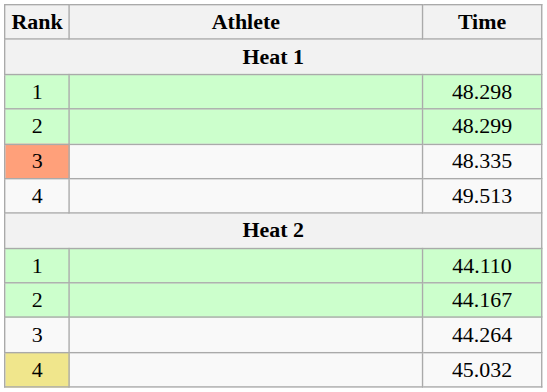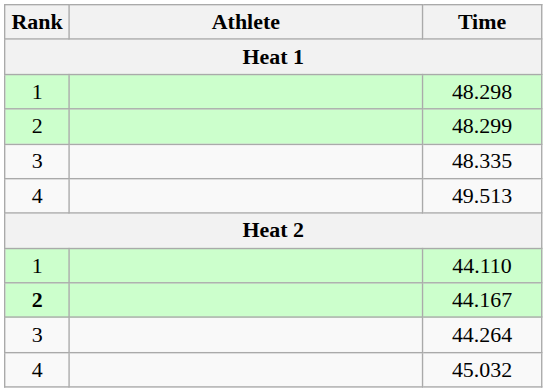 <table class=wikitable style="text-align:center">
 <tr>
 <th width=40>Rank</th>
 <th width=250>Athlete</th>
 <th width=80>Time</th>
 </tr>
 <tr>
 <th colspan=3>Heat 1</th>
 </tr>
 <tr bgcolor="ccffcc">
 <td>1</td>
 <td align=left></td>
 <td>48.298</td>
 </tr>
 <tr bgcolor="ccffcc">
 <td>2</td>
 <td align=left></td>
 <td>48.299</td>
 </tr>
 <tr>
-<td style="background: lightsalmon;">3</td>
+<td>3</td>
 <td align=left></td>
 <td>48.335</td>
 </tr>
 <tr>
 <td>4</td>
 <td align=left></td>
 <td>49.513</td>
 </tr>
 <tr>
 <th colspan=3>Heat 2</th>
 </tr>
 <tr bgcolor="ccffcc">
 <td>1</td>
 <td align=left></td>
 <td>44.110</td>
 </tr>
 <tr bgcolor="ccffcc">
-<td>2</td>
+<td><strong>2</strong></td>
 <td align=left></td>
 <td>44.167</td>
 </tr>
 <tr>
 <td>3</td>
 <td align=left></td>
 <td>44.264</td>
 </tr>
 <tr>
-<td style="background: khaki;">4</td>
+<td>4</td>
 <td align=left></td>
 <td>45.032</td>
 </tr>
 </table>
